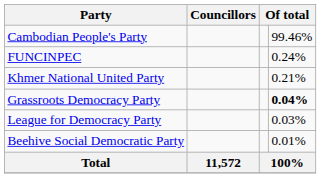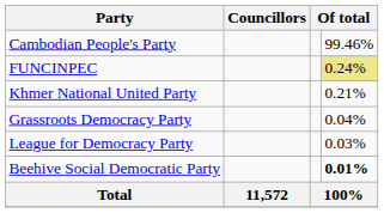 <table class="wikitable sortable">
 <tr>
 <th>Party</th>
 <th>Councillors</th>
 <th colspan="2">Of total</th>
 </tr>
 <tr>
 <td><a href='#'>Cambodian People's Party</a></td>
 <td></td>
 <td><div><div>  </div></div></td>
 <td>99.46%</td>
 </tr>
 <tr>
 <td><a href='#'>FUNCINPEC</a></td>
 <td></td>
 <td><div><div>  </div></div></td>
-<td>0.24%</td>
+<td style="background: khaki;">0.24%</td>
 </tr>
 <tr>
 <td><a href='#'>Khmer National United Party</a></td>
 <td></td>
 <td><div><div>  </div></div></td>
 <td>0.21%</td>
 </tr>
 <tr>
 <td><a href='#'>Grassroots Democracy Party</a></td>
 <td></td>
 <td><div><div>  </div></div></td>
-<td><strong>0.04%</strong></td>
+<td>0.04%</td>
 </tr>
 <tr>
 <td><a href='#'>League for Democracy Party</a></td>
 <td></td>
 <td><div><div>  </div></div></td>
 <td>0.03%</td>
 </tr>
 <tr>
 <td><a href='#'>Beehive Social Democratic Party</a></td>
 <td></td>
 <td><div><div>  </div></div></td>
-<td>0.01%</td>
+<td><strong>0.01%</strong></td>
 </tr>
 <tr>
 <th colspan="1"><strong>Total</strong></th>
 <th colspan="1"><strong>11,572</strong></th>
 <th colspan="2"><strong>100%</strong></th>
 </tr>
 <tr>
 </tr>
 </table>
